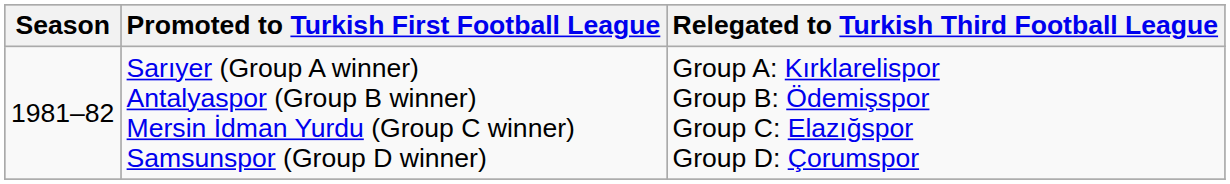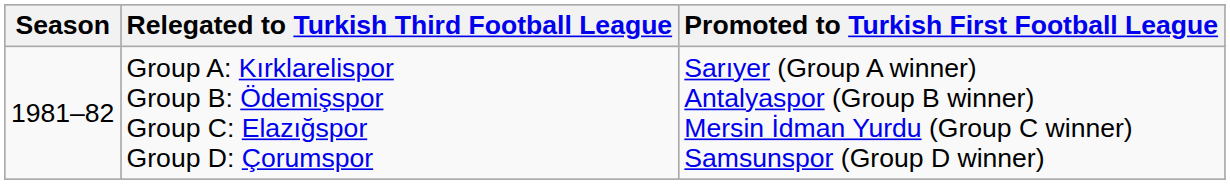 <table class="wikitable">
 <tr>
 <th>Season</th>
+<th>Relegated to <a href='#'>Turkish Third Football League</a></th>
 <th>Promoted to <a href='#'>Turkish First Football League</a></th>
-<th>Relegated to <a href='#'>Turkish Third Football League</a></th>
 </tr>
 <tr>
 <td>1981–82</td>
+<td>Group A: <a href='#'>Kırklarelispor</a><br>Group B: <a href='#'>Ödemişspor</a><br>Group C: <a href='#'>Elazığspor</a><br>Group D: <a href='#'>Çorumspor</a></td>
 <td><a href='#'>Sarıyer</a> (Group A winner)<br><a href='#'>Antalyaspor</a> (Group B winner)<br><a href='#'>Mersin İdman Yurdu</a> (Group C winner)<br><a href='#'>Samsunspor</a> (Group D winner)</td>
-<td>Group A: <a href='#'>Kırklarelispor</a><br>Group B: <a href='#'>Ödemişspor</a><br>Group C: <a href='#'>Elazığspor</a><br>Group D: <a href='#'>Çorumspor</a></td>
 </tr>
 </table>
